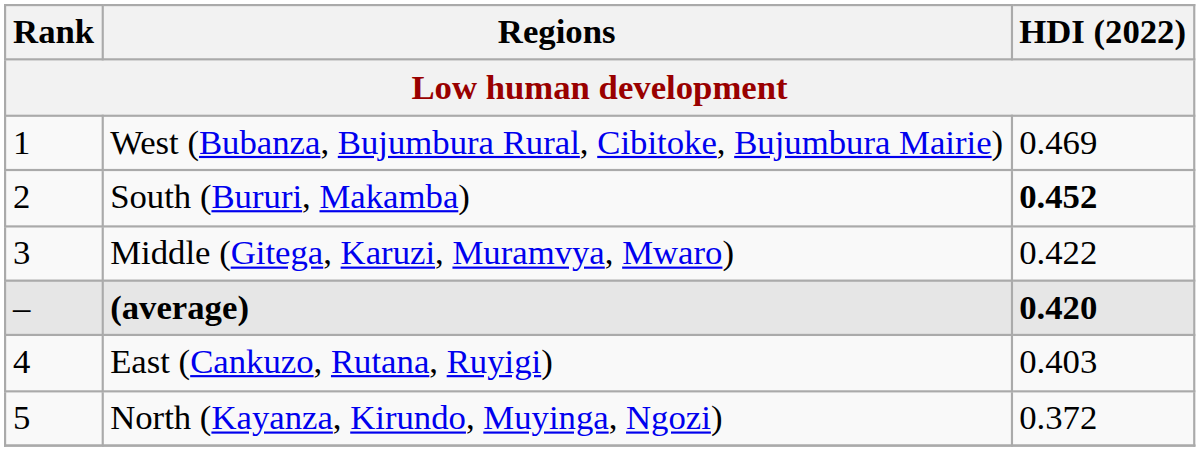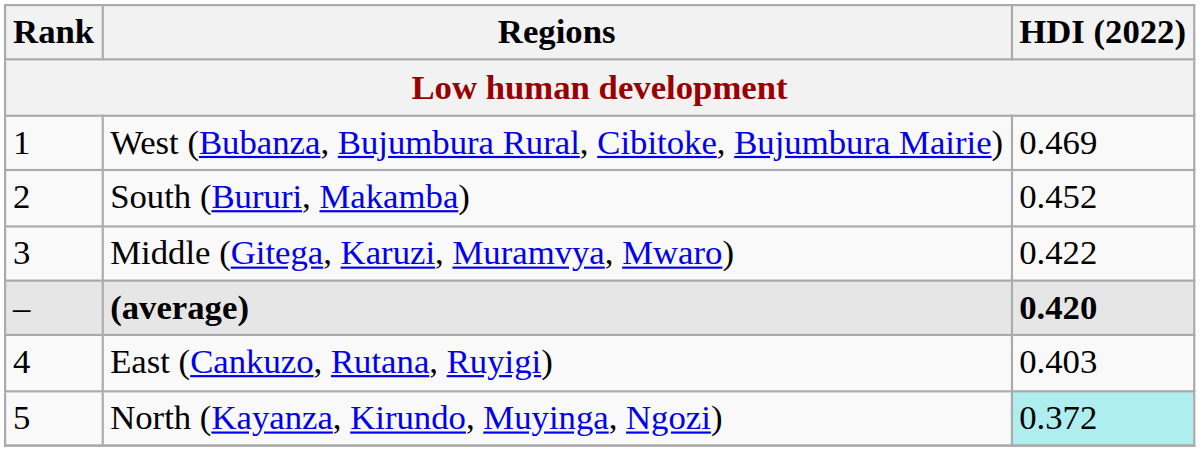 <table class="wikitable sortable">
 <tr>
 <th class="sort">Rank</th>
 <th class="sort">Regions</th>
 <th class="sort">HDI (2022)</th>
 </tr>
 <tr>
 <th colspan="3" style="color:#900;">Low human development</th>
 </tr>
 <tr>
 <td>1</td>
 <td style="text-align:left">West (<a href='#'>Bubanza</a>, <a href='#'>Bujumbura Rural</a>, <a href='#'>Cibitoke</a>, <a href='#'>Bujumbura Mairie</a>)</td>
 <td>0.469</td>
 </tr>
 <tr>
 <td>2</td>
 <td style="text-align:left">South (<a href='#'>Bururi</a>, <a href='#'>Makamba</a>)</td>
-<td><strong>0.452</strong></td>
+<td>0.452</td>
 </tr>
 <tr>
 <td>3</td>
 <td style="text-align:left">Middle (<a href='#'>Gitega</a>, <a href='#'>Karuzi</a>, <a href='#'>Muramvya</a>, <a href='#'>Mwaro</a>)</td>
 <td>0.422</td>
 </tr>
 <tr style="background:#e6e6e6">
 <td>–</td>
 <td style="text-align:left"><strong> (average)</strong></td>
 <td><strong>0.420</strong></td>
 </tr>
 <tr>
 <td>4</td>
 <td style="text-align:left">East (<a href='#'>Cankuzo</a>, <a href='#'>Rutana</a>, <a href='#'>Ruyigi</a>)</td>
 <td>0.403</td>
 </tr>
 <tr>
 <td>5</td>
 <td style="text-align:left">North (<a href='#'>Kayanza</a>, <a href='#'>Kirundo</a>, <a href='#'>Muyinga</a>, <a href='#'>Ngozi</a>)</td>
-<td>0.372</td>
+<td style="background: paleturquoise;">0.372</td>
 </tr>
 <tr>
 </tr>
 </table>
